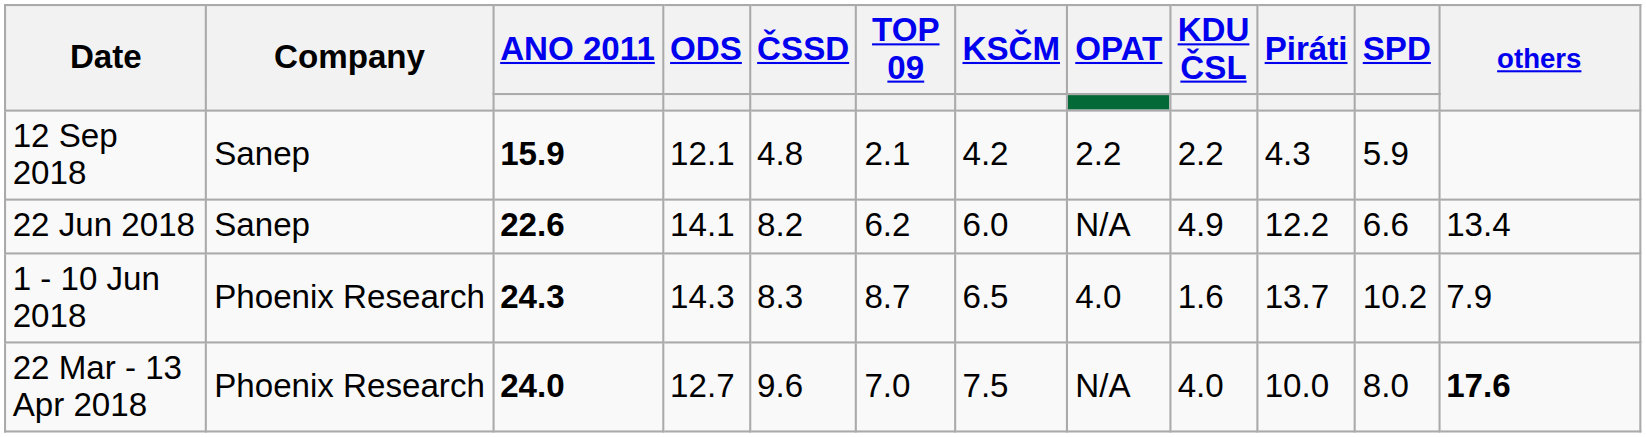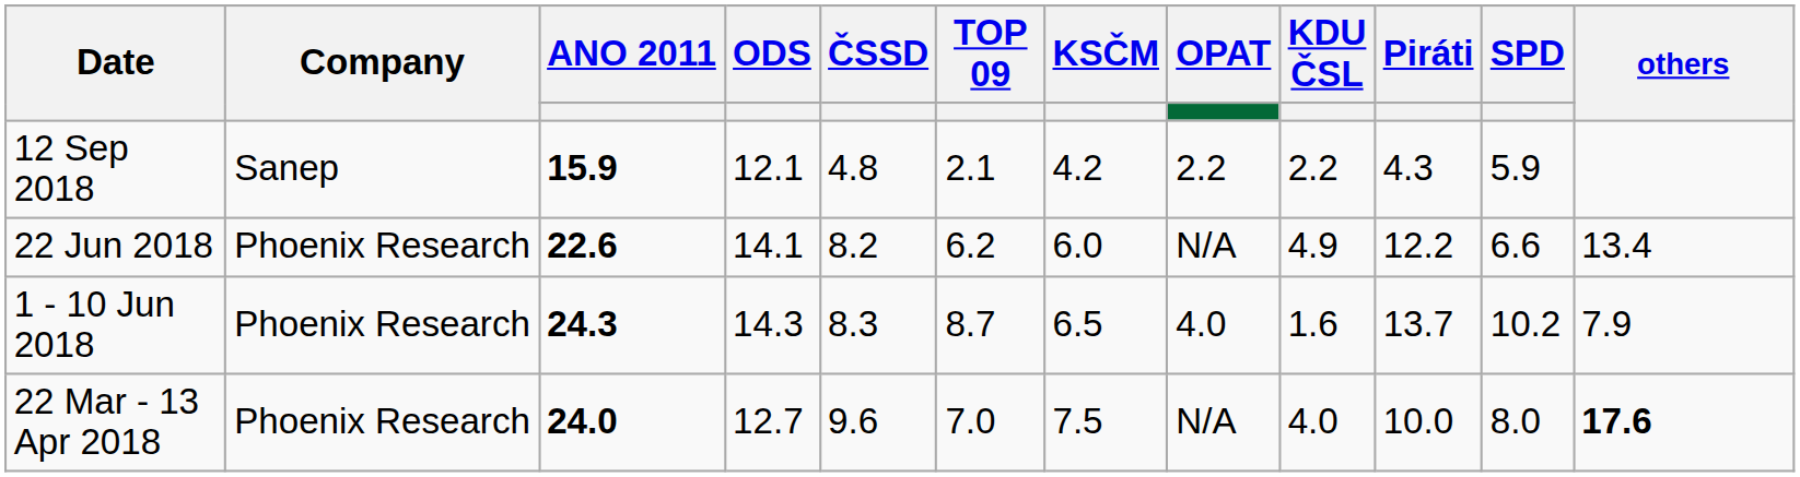 <table class="wikitable" style="text-align:left;">
 <tr>
 <th style="width:90px;" rowspan="2">Date</th>
 <th rowspan="2">Company</th>
 <th><a href='#'>ANO 2011</a></th>
 <th><a href='#'>ODS</a></th>
 <th style="width:40px"><a href='#'>ČSSD</a></th>
 <th style="width:40px"><a href='#'>TOP 09</a></th>
 <th style="width:40px"><a href='#'>KSČM</a></th>
 <th style="width:40px"><a href='#'>OPAT</a></th>
 <th style="width:30px"><a href='#'>KDU<br>ČSL</a></th>
 <th style="width:30px"><a href='#'>Piráti</a></th>
 <th style="width:30px"><a href='#'>SPD</a></th>
 <th style="width:90px;" rowspan="2"><a href='#'><small>others</small></a></th>
 </tr>
 <tr>
 <th style="background:"></th>
 <th style="background:"></th>
 <th style="background:"></th>
 <th style="background:"></th>
 <th style="background:"></th>
 <th style="background:#036937; width:40px;"></th>
 <th style="background:"></th>
 <th style="background:"></th>
 <th style="background:"></th>
 </tr>
 <tr>
 <td>12 Sep 2018</td>
 <td>Sanep</td>
 <td><strong>15.9</strong></td>
 <td>12.1</td>
 <td>4.8</td>
 <td>2.1</td>
 <td>4.2</td>
 <td>2.2</td>
 <td>2.2</td>
 <td>4.3</td>
 <td>5.9</td>
 <td></td>
 </tr>
 <tr>
 <td>22 Jun 2018</td>
-<td>Sanep</td>
+<td>Phoenix Research</td>
 <td><strong>22.6</strong></td>
 <td>14.1</td>
 <td>8.2</td>
 <td>6.2</td>
 <td>6.0</td>
 <td>N/A</td>
 <td>4.9</td>
 <td>12.2</td>
 <td>6.6</td>
 <td>13.4</td>
 </tr>
 <tr>
 <td>1 - 10 Jun 2018</td>
 <td>Phoenix Research</td>
 <td><strong>24.3</strong></td>
 <td>14.3</td>
 <td>8.3</td>
 <td>8.7</td>
 <td>6.5</td>
 <td>4.0</td>
 <td>1.6</td>
 <td>13.7</td>
 <td>10.2</td>
 <td>7.9</td>
 </tr>
 <tr>
 <td>22 Mar - 13 Apr 2018</td>
 <td>Phoenix Research</td>
 <td><strong>24.0</strong></td>
 <td>12.7</td>
 <td>9.6</td>
 <td>7.0</td>
 <td>7.5</td>
 <td>N/A</td>
 <td>4.0</td>
 <td>10.0</td>
 <td>8.0</td>
 <td><strong>17.6</strong></td>
 </tr>
 </table>
